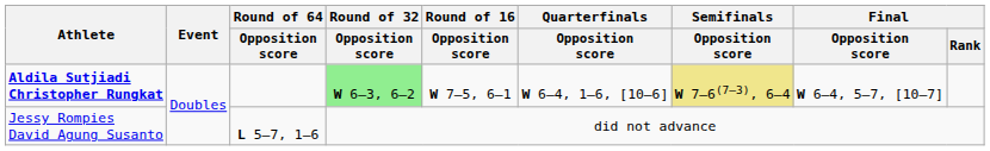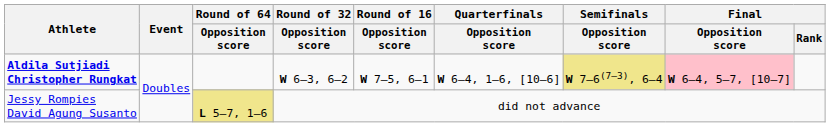 <table class=wikitable style="font-size:90%; text-align:center;">
 <tr>
 <th rowspan="2">Athlete</th>
 <th rowspan="2">Event</th>
 <th>Round of 64</th>
 <th>Round of 32</th>
 <th>Round of 16</th>
 <th>Quarterfinals</th>
 <th>Semifinals</th>
 <th colspan=2>Final</th>
 </tr>
 <tr style="font-size:95%">
 <th>Opposition<br> score</th>
 <th>Opposition<br> score</th>
 <th>Opposition<br> score</th>
 <th>Opposition<br> score</th>
 <th>Opposition<br> score</th>
 <th>Opposition<br> score</th>
 <th>Rank</th>
 </tr>
 <tr>
 <td align=left><strong><a href='#'>Aldila Sutjiadi</a><br><a href='#'>Christopher Rungkat</a></strong></td>
 <td align=left rowspan=2><a href='#'>Doubles</a></td>
 <td></td>
-<td style="background: lightgreen;"><br><strong>W</strong> 6–3, 6–2</td>
+<td><br><strong>W</strong> 6–3, 6–2</td>
 <td><br><strong>W</strong> 7–5, 6–1</td>
 <td><br><strong>W</strong> 6–4, 1–6, [10–6]</td>
 <td style="background: khaki;"><br><strong>W</strong> 7–6<sup>(7–3)</sup>, 6–4</td>
-<td><br><strong>W</strong> 6–4, 5–7, [10–7]</td>
+<td style="background: pink;"><br><strong>W</strong> 6–4, 5–7, [10–7]</td>
 <td></td>
 </tr>
 <tr>
 <td align=left><a href='#'>Jessy Rompies</a><br><a href='#'>David Agung Susanto</a></td>
-<td><br><strong>L</strong> 5–7, 1–6</td>
+<td style="background: khaki;"><br><strong>L</strong> 5–7, 1–6</td>
 <td colspan=6>did not advance</td>
 </tr>
 </table>
